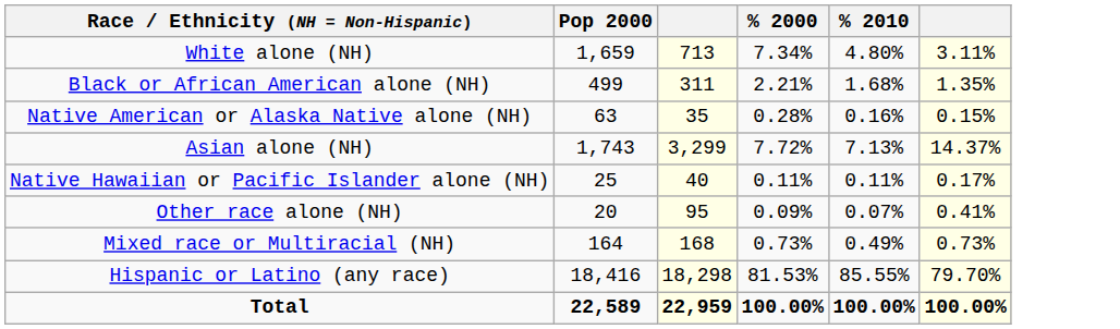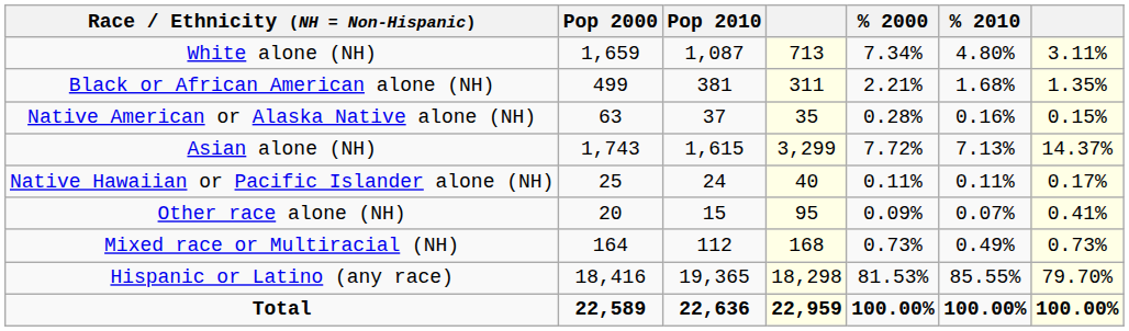 <table class="wikitable" style="text-align:center;">
 <tr>
 <th>Race / Ethnicity <small>(<em>NH = Non-Hispanic</em>)</small></th>
 <th>Pop 2000</th>
+<th>Pop 2010</th>
 <th></th>
 <th>% 2000</th>
 <th>% 2010</th>
 <th></th>
 </tr>
 <tr>
 <td><a href='#'>White</a> alone (NH)</td>
 <td>1,659</td>
+<td>1,087</td>
 <td style='background: #ffffe6;'>713</td>
 <td>7.34%</td>
 <td>4.80%</td>
 <td style='background: #ffffe6;'>3.11%</td>
 </tr>
 <tr>
 <td><a href='#'>Black or African American</a> alone (NH)</td>
 <td>499</td>
+<td>381</td>
 <td style='background: #ffffe6;'>311</td>
 <td>2.21%</td>
 <td>1.68%</td>
 <td style='background: #ffffe6;'>1.35%</td>
 </tr>
 <tr>
 <td><a href='#'>Native American</a> or <a href='#'>Alaska Native</a> alone (NH)</td>
 <td>63</td>
+<td>37</td>
 <td style='background: #ffffe6;'>35</td>
 <td>0.28%</td>
 <td>0.16%</td>
 <td style='background: #ffffe6;'>0.15%</td>
 </tr>
 <tr>
 <td><a href='#'>Asian</a> alone (NH)</td>
 <td>1,743</td>
+<td>1,615</td>
 <td style='background: #ffffe6;'>3,299</td>
 <td>7.72%</td>
 <td>7.13%</td>
 <td style='background: #ffffe6;'>14.37%</td>
 </tr>
 <tr>
 <td><a href='#'>Native Hawaiian</a> or <a href='#'>Pacific Islander</a> alone (NH)</td>
 <td>25</td>
+<td>24</td>
 <td style='background: #ffffe6;'>40</td>
 <td>0.11%</td>
 <td>0.11%</td>
 <td style='background: #ffffe6;'>0.17%</td>
 </tr>
 <tr>
 <td><a href='#'>Other race</a> alone (NH)</td>
 <td>20</td>
+<td>15</td>
 <td style='background: #ffffe6;'>95</td>
 <td>0.09%</td>
 <td>0.07%</td>
 <td style='background: #ffffe6;'>0.41%</td>
 </tr>
 <tr>
 <td><a href='#'>Mixed race or Multiracial</a> (NH)</td>
 <td>164</td>
+<td>112</td>
 <td style='background: #ffffe6;'>168</td>
 <td>0.73%</td>
 <td>0.49%</td>
 <td style='background: #ffffe6;'>0.73%</td>
 </tr>
 <tr>
 <td><a href='#'>Hispanic or Latino</a> (any race)</td>
 <td>18,416</td>
+<td>19,365</td>
 <td style='background: #ffffe6;'>18,298</td>
 <td>81.53%</td>
 <td>85.55%</td>
 <td style='background: #ffffe6;'>79.70%</td>
 </tr>
 <tr>
 <td><strong>Total</strong></td>
 <td><strong>22,589</strong></td>
+<td><strong>22,636</strong></td>
 <td style='background: #ffffe6;'><strong>22,959</strong></td>
 <td><strong>100.00%</strong></td>
 <td><strong>100.00%</strong></td>
 <td style='background: #ffffe6;'><strong>100.00%</strong></td>
 </tr>
 </table>
